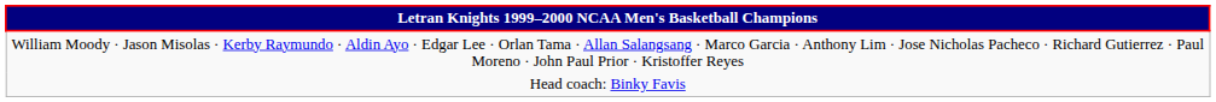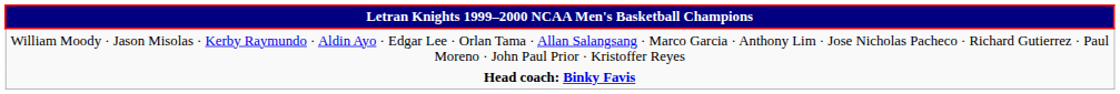 <table class="wikitable" style="text-align: center">
 <tr>
 <th style = "background:#020080; border:2px solid red; color:white">Letran Knights 1999–2000 NCAA Men's Basketball Champions</th>
 </tr>
 <tr>
 <td style="border-style: none none none none;">William Moody · Jason Misolas · <a href='#'>Kerby Raymundo</a> · <a href='#'>Aldin Ayo</a> · Edgar Lee · Orlan Tama · <a href='#'>Allan Salangsang</a> · Marco Garcia · Anthony Lim · Jose Nicholas Pacheco · Richard Gutierrez · Paul Moreno · John Paul Prior · Kristoffer Reyes</td>
 </tr>
 <tr>
-<td style="border-style: none none none none;">Head coach: <a href='#'>Binky Favis</a></td>
+<td style="border-style: none none none none;"><strong>Head coach: <a href='#'>Binky Favis</a></strong></td>
 </tr>
 </table>
